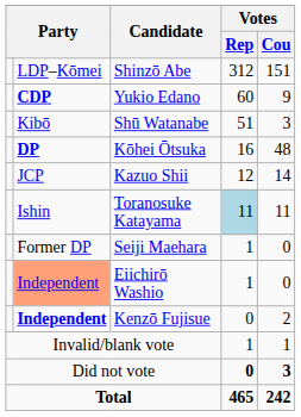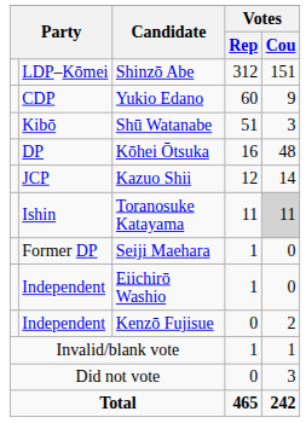 <table class="wikitable sortable" align="right" cellpadding="1" cellspacing="1" style="margin:0 0 1em 1em; font-size: 100%; text-align:right;">
 <tr>
 </tr>
 <tr style:align="center";>
 <th width=40px rowspan="2" colspan="2">Party</th>
 <th width=100px rowspan="2">Candidate</th>
 <th width=50px rowspan="1" colspan="2">Votes</th>
 </tr>
 <tr>
 <th width=25px><a href='#'>Rep</a></th>
 <th width=25px><a href='#'>Cou</a></th>
 </tr>
 <tr>
 <td></td>
 <td align=left><a href='#'>LDP</a>–<a href='#'>Kōmei</a></td>
 <td align=left><a href='#'>Shinzō Abe</a></td>
 <td>312</td>
 <td>151</td>
 </tr>
 <tr>
 <td></td>
-<td align=left><strong><a href='#'>CDP</a></strong></td>
+<td align=left><a href='#'>CDP</a></td>
 <td align=left><a href='#'>Yukio Edano</a></td>
 <td>60</td>
 <td>9</td>
 </tr>
 <tr>
 <td></td>
 <td align=left><a href='#'>Kibō</a></td>
 <td align=left><a href='#'>Shū Watanabe</a></td>
 <td>51</td>
 <td>3</td>
 </tr>
 <tr>
 <td></td>
-<td align=left><strong><a href='#'>DP</a></strong></td>
+<td align=left><a href='#'>DP</a></td>
 <td align=left><a href='#'>Kōhei Ōtsuka</a></td>
 <td>16</td>
 <td>48</td>
 </tr>
 <tr>
 <td></td>
 <td align=left><a href='#'>JCP</a></td>
 <td align=left><a href='#'>Kazuo Shii</a></td>
 <td>12</td>
 <td>14</td>
 </tr>
 <tr>
 <td></td>
 <td align=left><a href='#'>Ishin</a></td>
 <td align=left><a href='#'>Toranosuke Katayama</a></td>
-<td style="background: lightblue;">11</td>
 <td>11</td>
+<td style="background: lightgrey;">11</td>
 </tr>
 <tr>
 <td></td>
 <td align=left>Former <a href='#'>DP</a></td>
 <td align=left><a href='#'>Seiji Maehara</a></td>
 <td>1</td>
 <td>0</td>
 </tr>
 <tr>
 <td></td>
-<td align=left style="background: lightsalmon;"><a href='#'>Independent</a></td>
+<td align=left><a href='#'>Independent</a></td>
 <td align=left><a href='#'>Eiichirō Washio</a></td>
 <td>1</td>
 <td>0</td>
 </tr>
 <tr>
 <td></td>
-<td align=left><strong><a href='#'>Independent</a></strong></td>
+<td align=left><a href='#'>Independent</a></td>
 <td align=left><a href='#'>Kenzō Fujisue</a></td>
 <td>0</td>
 <td>2</td>
 </tr>
 <tr>
 <td align="center" colspan="3">Invalid/blank vote</td>
 <td>1</td>
 <td>1</td>
 </tr>
 <tr>
 <td align="center" colspan="3">Did not vote</td>
-<td><strong>0</strong></td>
-<td><strong>3</strong></td>
+<td>0</td>
+<td>3</td>
 </tr>
 <tr>
 <td colspan=3 align=center><strong>Total</strong></td>
 <td><strong>465</strong></td>
 <td><strong>242</strong></td>
 </tr>
 </table>
